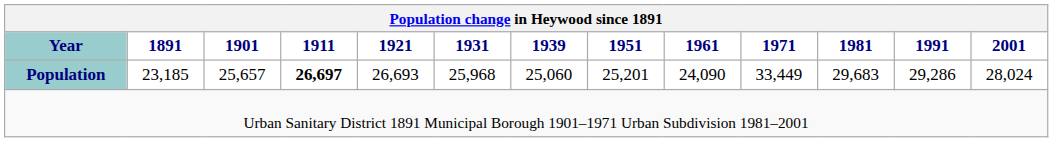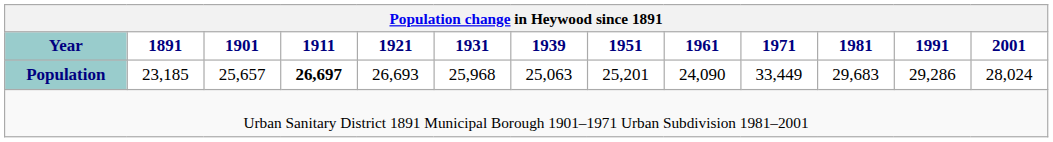 <table class="wikitable" style="font-size:90%; width:70%; border:0; text-align:center; line-height:120%;">
 <tr>
 <th colspan="16" style="text-align:center;font-size:90%;"><a href='#'>Population change</a> in Heywood since 1891</th>
 </tr>
 <tr>
 <th style="background:#9cc; color:navy; height:17px;">Year</th>
 <th style="background:#fff; color:navy;">1891</th>
 <th style="background:#fff; color:navy;">1901</th>
 <th style="background:#fff; color:navy;">1911</th>
 <th style="background:#fff; color:navy;">1921</th>
 <th style="background:#fff; color:navy;">1931</th>
 <th style="background:#fff; color:navy;">1939</th>
 <th style="background:#fff; color:navy;">1951</th>
 <th style="background:#fff; color:navy;">1961</th>
 <th style="background:#fff; color:navy;">1971</th>
 <th style="background:#fff; color:navy;">1981</th>
 <th style="background:#fff; color:navy;">1991</th>
 <th style="background:#fff; color:navy;">2001</th>
 </tr>
 <tr style="text-align:center;">
 <th style="background:#9cc; color:navy; height:17px;">Population</th>
 <td style="background:#fff; color:black;">23,185</td>
 <td style="background:#fff; color:black;">25,657</td>
 <td style="background:#fff; color:black;"><strong>26,697</strong></td>
 <td style="background:#fff; color:black;">26,693</td>
 <td style="background:#fff; color:black;">25,968</td>
-<td style="background:#fff; color:black;">25,060</td>
+<td style="background:#fff; color:black;">25,063</td>
 <td style="background:#fff; color:black;">25,201</td>
 <td style="background:#fff; color:black;">24,090</td>
 <td style="background:#fff; color:black;">33,449</td>
 <td style="background:#fff; color:black;">29,683</td>
 <td style="background:#fff; color:black;">29,286</td>
 <td style="background:#fff; color:black;">28,024</td>
 </tr>
 <tr>
 <td colspan="16" style="text-align:center;font-size:90%;"><br>Urban Sanitary District 1891 Municipal Borough 1901–1971 Urban Subdivision 1981–2001</td>
 </tr>
 </table>
